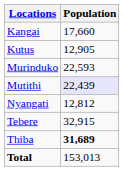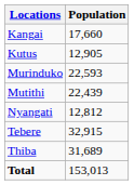 <table class="wikitable">
 <tr>
 <th><a href='#'>Locations</a></th>
 <th>Population</th>
 </tr>
 <tr>
 <td><a href='#'>Kangai</a></td>
 <td>17,660</td>
 </tr>
 <tr>
 <td><a href='#'>Kutus</a></td>
 <td>12,905</td>
 </tr>
 <tr>
 <td><a href='#'>Murinduko</a></td>
 <td>22,593</td>
 </tr>
 <tr>
 <td><a href='#'>Mutithi</a></td>
-<td style="background: lavender;">22,439</td>
+<td>22,439</td>
 </tr>
 <tr>
 <td><a href='#'>Nyangati</a></td>
 <td>12,812</td>
 </tr>
 <tr>
 <td><a href='#'>Tebere</a></td>
 <td>32,915</td>
 </tr>
 <tr>
 <td><a href='#'>Thiba</a></td>
-<td><strong>31,689</strong></td>
+<td>31,689</td>
 </tr>
 <tr>
 <td><strong>Total</strong></td>
 <td>153,013</td>
 </tr>
 </table>
